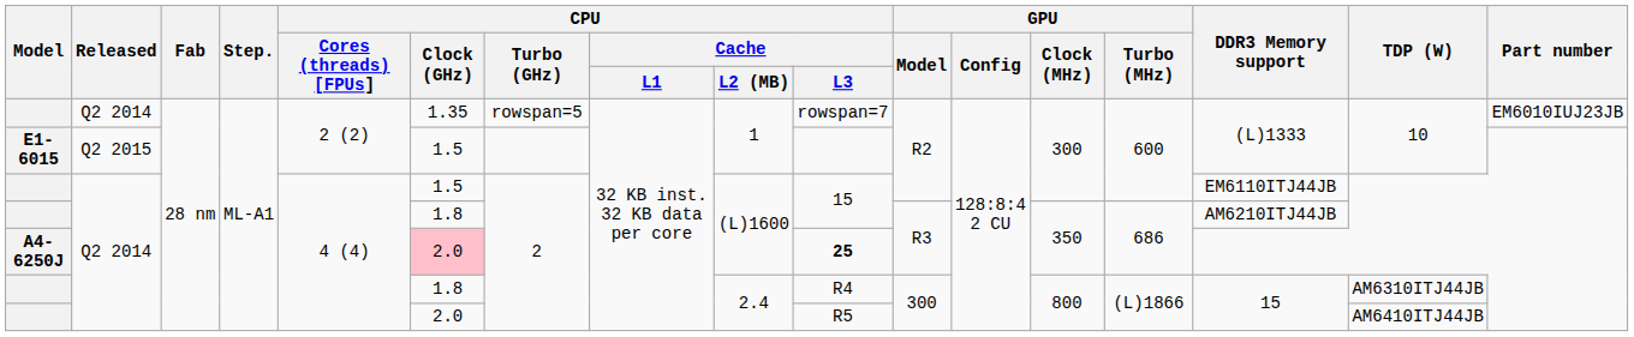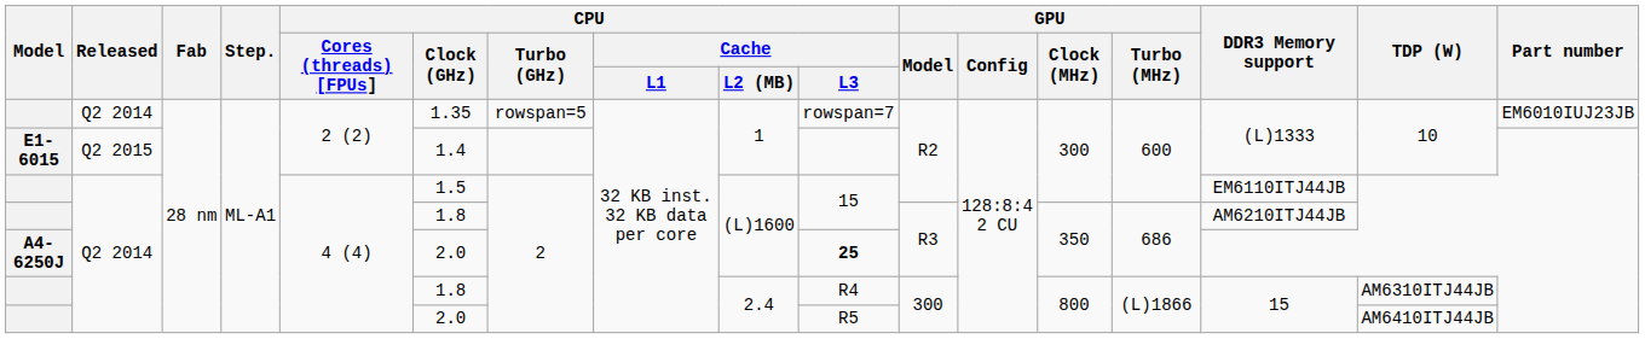 <table class="wikitable sortable sort-under" style="text-align: center">
 <tr>
 <th rowspan=3>Model</th>
 <th rowspan=3>Released</th>
 <th rowspan=3>Fab</th>
 <th rowspan=3>Step.</th>
 <th colspan=6>CPU</th>
 <th colspan=4>GPU</th>
 <th rowspan=3>DDR3 Memory support</th>
 <th rowspan=3>TDP (W)</th>
 <th rowspan=3>Part number</th>
 </tr>
 <tr>
 <th rowspan=2><a href='#'>Cores</a> <a href='#'>(threads)</a> <a href='#'>[FPUs</a>]</th>
 <th rowspan=2>Clock (GHz)</th>
 <th rowspan=2>Turbo (GHz)</th>
 <th colspan=3><a href='#'>Cache</a></th>
 <th rowspan=2>Model</th>
 <th rowspan=2>Config</th>
 <th rowspan=2>Clock (MHz)</th>
 <th rowspan=2>Turbo (MHz)</th>
 </tr>
 <tr>
 <th><a href='#'>L1</a></th>
 <th><a href='#'>L2</a> (MB)</th>
 <th><a href='#'>L3</a></th>
 </tr>
 <tr>
 <th></th>
 <td>Q2 2014</td>
 <td rowspan="7">28 nm</td>
 <td rowspan="7">ML-A1</td>
 <td rowspan=2>2 (2)</td>
 <td>1.35</td>
 <td>rowspan=5 </td>
 <td rowspan="7">32 KB inst. 32 KB data per core</td>
 <td rowspan=2>1</td>
 <td>rowspan=7 </td>
 <td rowspan=3>R2</td>
 <td rowspan="7">128:8:4<br>2 CU</td>
 <td rowspan=3>300</td>
 <td rowspan=3>600</td>
 <td rowspan=2>(L)1333</td>
 <td rowspan=2>10</td>
 <td>EM6010IUJ23JB</td>
 </tr>
 <tr>
 <th>E1-6015</th>
 <td>Q2 2015</td>
-<td>1.5</td>
+<td>1.4</td>
 <td></td>
 </tr>
 <tr>
 <th></th>
 <td rowspan=5>Q2 2014</td>
 <td rowspan="5">4 (4)</td>
 <td>1.5</td>
 <td rowspan="5">2</td>
 <td rowspan=3>(L)1600</td>
 <td rowspan=2>15</td>
 <td>EM6110ITJ44JB</td>
 </tr>
 <tr>
 <th></th>
 <td>1.8</td>
 <td rowspan=2>R3</td>
 <td rowspan=2>350</td>
 <td rowspan=2>686</td>
 <td>AM6210ITJ44JB</td>
 </tr>
 <tr>
 <th>A4-6250J</th>
-<td style="background: pink;">2.0</td>
+<td>2.0</td>
 <td><strong>25</strong></td>
 </tr>
 <tr>
 <th></th>
 <td>1.8</td>
 <td rowspan="2">2.4</td>
 <td>R4</td>
 <td rowspan="2">300</td>
 <td rowspan="2">800</td>
 <td rowspan=2>(L)1866</td>
 <td rowspan="2">15</td>
 <td>AM6310ITJ44JB</td>
 </tr>
 <tr>
 <th></th>
 <td>2.0</td>
 <td>R5</td>
 <td>AM6410ITJ44JB</td>
 </tr>
 </table>
